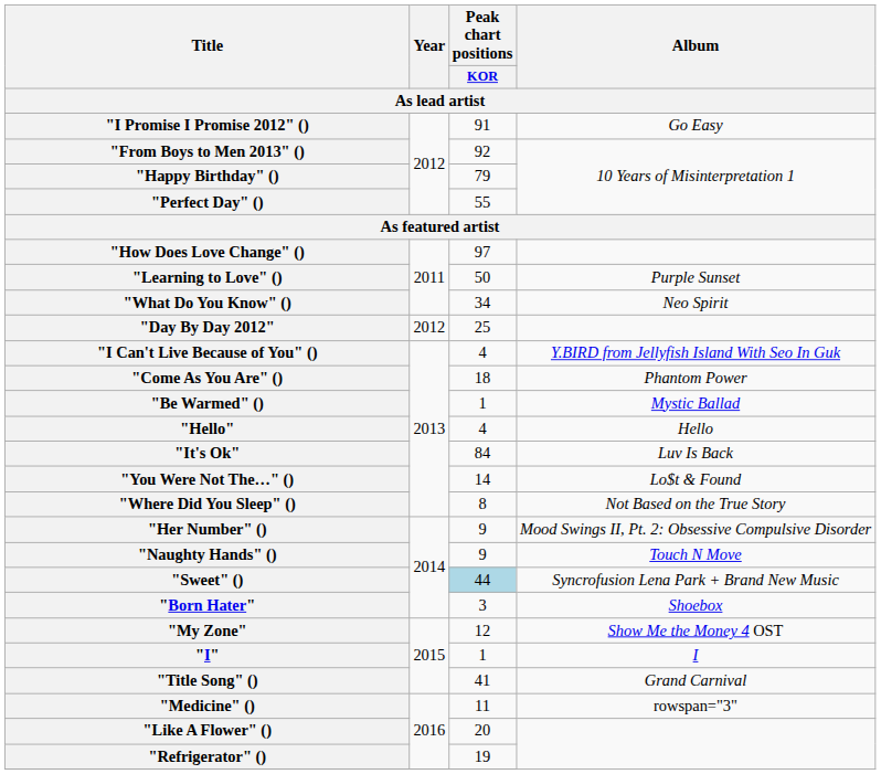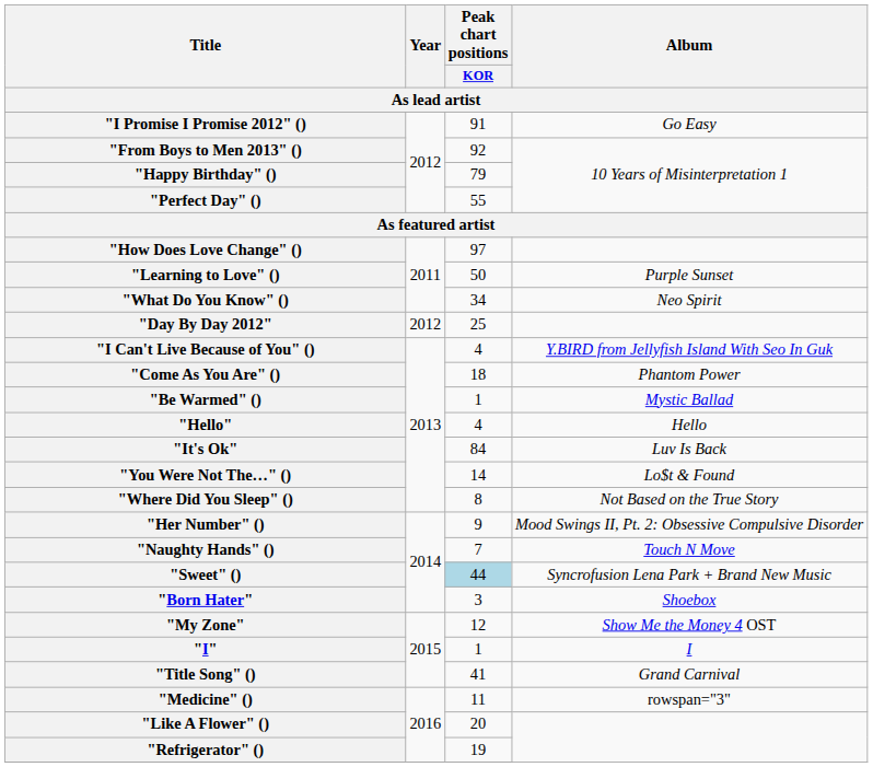 <table class="wikitable plainrowheaders" style="text-align:center;">
 <tr>
 <th scope="col" rowspan="2" style="width:25em">Title</th>
 <th rowspan="2" scope="col">Year</th>
 <th colspan="1" scope="col">Peak chart positions</th>
 <th rowspan="2" scope="col">Album</th>
 </tr>
 <tr>
 <th scope="col" style="width:2.5em;font-size:85%"><a href='#'>KOR</a><br></th>
 </tr>
 <tr>
 <th colspan="4" scope="col">As lead artist</th>
 </tr>
 <tr>
 <th scope="row">"I Promise I Promise 2012" ()<br></th>
 <td rowspan="4">2012</td>
 <td>91</td>
 <td><em>Go Easy</em></td>
 </tr>
 <tr>
 <th scope="row">"From Boys to Men 2013" ()</th>
 <td>92</td>
 <td rowspan="3"><em>10 Years of Misinterpretation 1</em></td>
 </tr>
 <tr>
 <th scope="row">"Happy Birthday" ()<br></th>
 <td>79</td>
 </tr>
 <tr>
 <th scope="row">"Perfect Day" ()<br></th>
 <td>55</td>
 </tr>
 <tr>
 <th colspan="4">As featured artist</th>
 </tr>
 <tr>
 <th scope="row">"How Does Love Change" ()<br></th>
 <td rowspan="3">2011</td>
 <td>97</td>
 <td></td>
 </tr>
 <tr>
 <th scope="row">"Learning to Love" ()<br></th>
 <td>50</td>
 <td><em>Purple Sunset</em></td>
 </tr>
 <tr>
 <th scope="row">"What Do You Know" ()<br></th>
 <td>34</td>
 <td><em>Neo Spirit</em></td>
 </tr>
 <tr>
 <th scope="row">"Day By Day 2012"<br></th>
 <td>2012</td>
 <td>25</td>
 <td></td>
 </tr>
 <tr>
 <th scope="row">"I Can't Live Because of You" ()<br></th>
 <td rowspan="7">2013</td>
 <td>4</td>
 <td><em><a href='#'>Y.BIRD from Jellyfish Island With Seo In Guk</a></em></td>
 </tr>
 <tr>
 <th scope="row">"Come As You Are" ()<br></th>
 <td>18</td>
 <td><em>Phantom Power</em></td>
 </tr>
 <tr>
 <th scope="row">"Be Warmed" ()<br></th>
 <td>1</td>
 <td><em><a href='#'>Mystic Ballad</a></em></td>
 </tr>
 <tr>
 <th scope="row">"Hello"<br></th>
 <td>4</td>
 <td><em>Hello</em></td>
 </tr>
 <tr>
 <th scope="row">"It's Ok"<br></th>
 <td>84</td>
 <td><em>Luv Is Back</em></td>
 </tr>
 <tr>
 <th scope="row">"You Were Not The…" ()<br></th>
 <td>14</td>
 <td><em>Lo$t & Found</em></td>
 </tr>
 <tr>
 <th scope="row">"Where Did You Sleep" ()<br></th>
 <td>8</td>
 <td><em>Not Based on the True Story</em></td>
 </tr>
 <tr>
 <th scope="row">"Her Number" ()<br></th>
 <td rowspan="4">2014</td>
 <td>9</td>
 <td><em>Mood Swings II, Pt. 2: Obsessive Compulsive Disorder</em></td>
 </tr>
 <tr>
 <th scope="row">"Naughty Hands" ()<br></th>
-<td>9</td>
+<td>7</td>
 <td><em><a href='#'>Touch N Move</a></em></td>
 </tr>
 <tr>
 <th scope="row">"Sweet" ()<br></th>
 <td style="background: lightblue;">44</td>
 <td><em>Syncrofusion Lena Park + Brand New Music</em></td>
 </tr>
 <tr>
 <th scope="row">"<a href='#'>Born Hater</a>"<br></th>
 <td>3</td>
 <td><em><a href='#'>Shoebox</a></em></td>
 </tr>
 <tr>
 <th scope="row">"My Zone"<br></th>
 <td rowspan="3">2015</td>
 <td>12</td>
 <td><em><a href='#'>Show Me the Money 4</a></em> OST</td>
 </tr>
 <tr>
 <th scope="row">"<a href='#'>I</a>"<br></th>
 <td>1</td>
 <td><em><a href='#'>I</a></em></td>
 </tr>
 <tr>
 <th scope="row">"Title Song" ()<br></th>
 <td>41</td>
 <td><em>Grand Carnival</em></td>
 </tr>
 <tr>
 <th scope="row">"Medicine" ()<br></th>
 <td rowspan="3">2016</td>
 <td>11</td>
 <td>rowspan="3" </td>
 </tr>
 <tr>
 <th scope="row">"Like A Flower" ()<br></th>
 <td>20</td>
 </tr>
 <tr>
 <th scope="row">"Refrigerator" ()<br></th>
 <td>19</td>
 </tr>
 <tr>
 </tr>
 </table>
